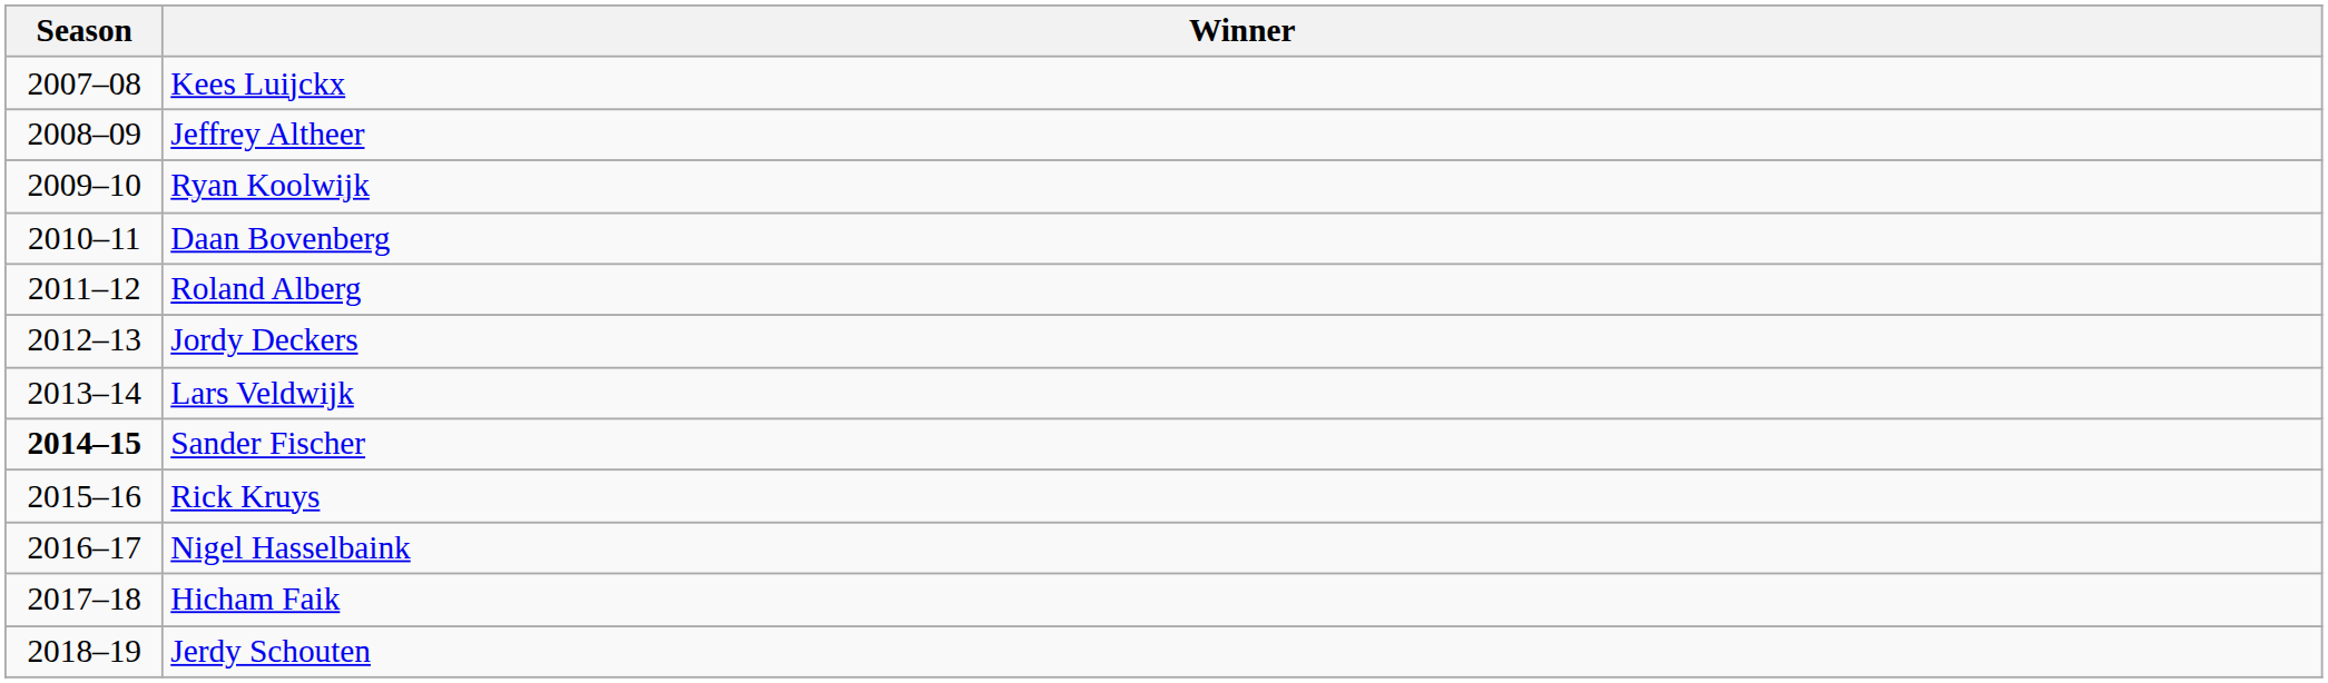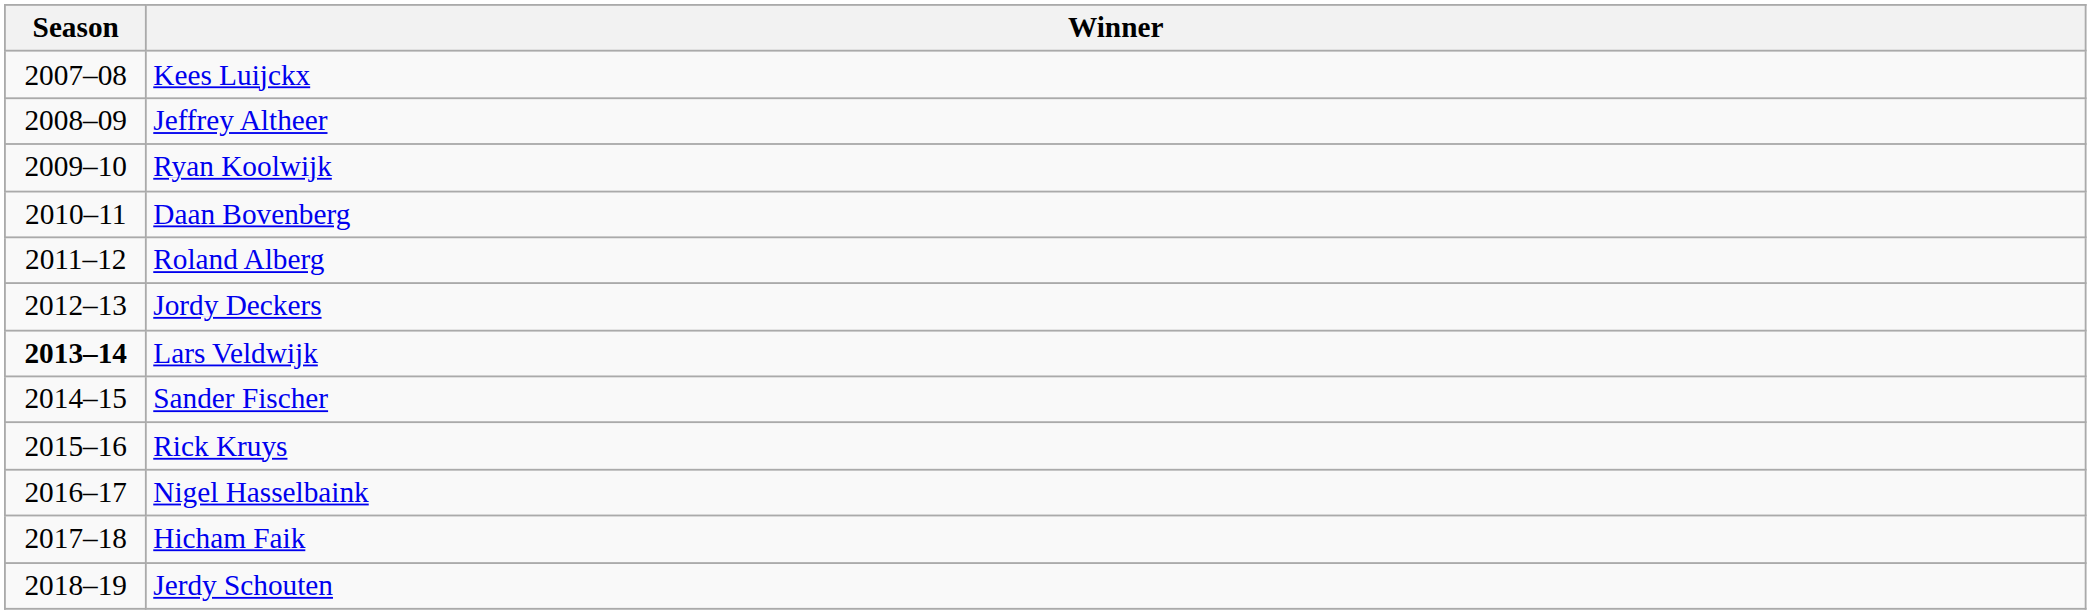 <table class="wikitable" width="90%" style="font-size: 100%">
 <tr>
 <th width="70">Season</th>
 <th>Winner</th>
 </tr>
 <tr>
 <td align="center">2007–08</td>
 <td> <a href='#'>Kees Luijckx</a></td>
 </tr>
 <tr>
 <td align="center">2008–09</td>
 <td> <a href='#'>Jeffrey Altheer</a></td>
 </tr>
 <tr>
 <td align="center">2009–10</td>
 <td> <a href='#'>Ryan Koolwijk</a></td>
 </tr>
 <tr>
 <td align="center">2010–11</td>
 <td> <a href='#'>Daan Bovenberg</a></td>
 </tr>
 <tr>
 <td align="center">2011–12</td>
 <td> <a href='#'>Roland Alberg</a></td>
 </tr>
 <tr>
 <td align="center">2012–13</td>
 <td> <a href='#'>Jordy Deckers</a></td>
 </tr>
 <tr>
-<td align="center">2013–14</td>
+<td align="center"><strong>2013–14</strong></td>
 <td> <a href='#'>Lars Veldwijk</a></td>
 </tr>
 <tr>
-<td align="center"><strong>2014–15</strong></td>
+<td align="center">2014–15</td>
 <td> <a href='#'>Sander Fischer</a></td>
 </tr>
 <tr>
 <td align="center">2015–16</td>
 <td> <a href='#'>Rick Kruys</a></td>
 </tr>
 <tr>
 <td align="center">2016–17</td>
 <td> <a href='#'>Nigel Hasselbaink</a></td>
 </tr>
 <tr>
 <td align="center">2017–18</td>
 <td> <a href='#'>Hicham Faik</a></td>
 </tr>
 <tr>
 <td align="center">2018–19</td>
 <td> <a href='#'>Jerdy Schouten</a></td>
 </tr>
 </table>
